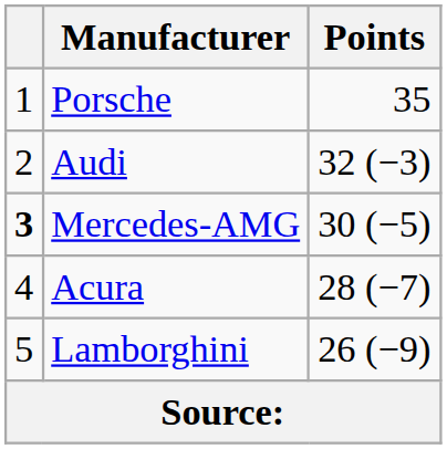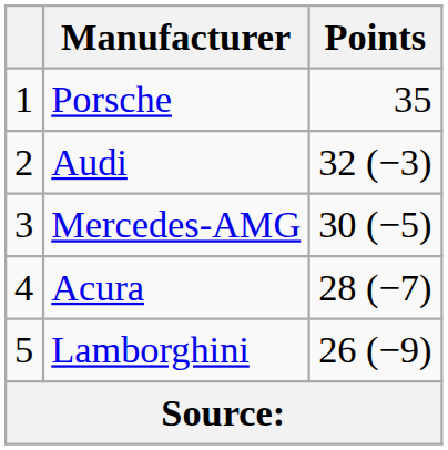 <table class="wikitable" style="font-size: 95%;">
 <tr>
 <th scope="col"></th>
 <th scope="col">Manufacturer</th>
 <th scope="col">Points</th>
 </tr>
 <tr>
 <td align=center>1</td>
 <td> <a href='#'>Porsche</a></td>
 <td align=right>35</td>
 </tr>
 <tr>
 <td align=center>2</td>
 <td> <a href='#'>Audi</a></td>
 <td align=right>32 (−3)</td>
 </tr>
 <tr>
-<td align=center><strong>3</strong></td>
+<td align=center>3</td>
 <td> <a href='#'>Mercedes-AMG</a></td>
 <td align=right>30 (−5)</td>
 </tr>
 <tr>
 <td align=center>4</td>
 <td> <a href='#'>Acura</a></td>
 <td align=right>28 (−7)</td>
 </tr>
 <tr>
 <td align=center>5</td>
 <td> <a href='#'>Lamborghini</a></td>
 <td align=right>26 (−9)</td>
 </tr>
 <tr>
 <th colspan=4>Source:</th>
 </tr>
 </table>
